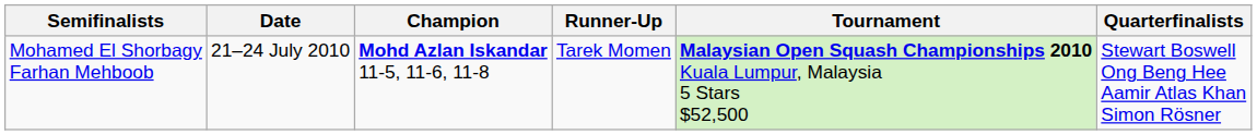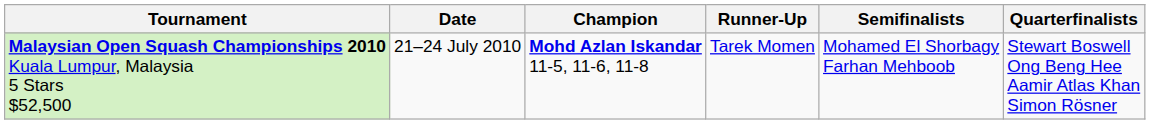 <table class="wikitable" style="font-size:88%">
 <tr>
-<th>Semifinalists</th>
+<th>Tournament</th>
 <th>Date</th>
 <th>Champion</th>
 <th>Runner-Up</th>
-<th>Tournament</th>
+<th>Semifinalists</th>
 <th>Quarterfinalists</th>
 </tr>
 <tr valign=top>
-<td> <a href='#'>Mohamed El Shorbagy</a><br> <a href='#'>Farhan Mehboob</a></td>
+<td style="background:#D4F1C5;"><strong><a href='#'>Malaysian Open Squash Championships</a> 2010</strong><br> <a href='#'>Kuala Lumpur</a>, Malaysia<br>5 Stars<br>$52,500</td>
 <td>21–24 July 2010</td>
 <td> <strong><a href='#'>Mohd Azlan Iskandar</a></strong><br>11-5, 11-6, 11-8</td>
 <td> <a href='#'>Tarek Momen</a></td>
-<td style="background:#D4F1C5;"><strong><a href='#'>Malaysian Open Squash Championships</a> 2010</strong><br> <a href='#'>Kuala Lumpur</a>, Malaysia<br>5 Stars<br>$52,500</td>
+<td> <a href='#'>Mohamed El Shorbagy</a><br> <a href='#'>Farhan Mehboob</a></td>
 <td> <a href='#'>Stewart Boswell</a><br> <a href='#'>Ong Beng Hee</a><br> <a href='#'>Aamir Atlas Khan</a><br> <a href='#'>Simon Rösner</a></td>
 </tr>
 </table>
